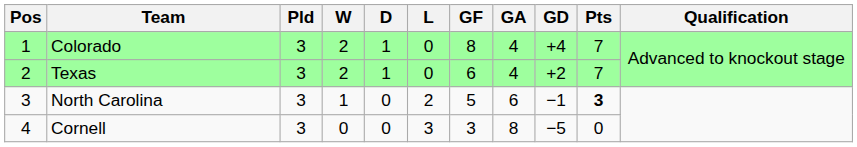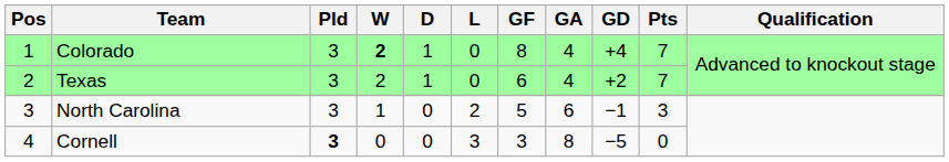 <table class="wikitable" style="text-align:center; margin: 1em auto">
 <tr>
 <th style="width:2em">Pos</th>
 <th style="width:13em">Team</th>
 <th style="width:2em">Pld</th>
 <th style="width:2em">W</th>
 <th style="width:2em">D</th>
 <th style="width:2em">L</th>
 <th style="width:2em">GF</th>
 <th style="width:2em">GA</th>
 <th style="width:2em">GD</th>
 <th style="width:2em">Pts</th>
 <th style="width:13em">Qualification</th>
 </tr>
 <tr bgcolor="#9eff9e">
 <td>1</td>
 <td style="text-align:left">Colorado</td>
 <td>3</td>
-<td>2</td>
+<td><strong>2</strong></td>
 <td>1</td>
 <td>0</td>
 <td>8</td>
 <td>4</td>
 <td>+4</td>
 <td>7</td>
 <td rowspan="2">Advanced to knockout stage</td>
 </tr>
 <tr bgcolor="#9eff9e">
 <td>2</td>
 <td style="text-align:left">Texas</td>
 <td>3</td>
 <td>2</td>
 <td>1</td>
 <td>0</td>
 <td>6</td>
 <td>4</td>
 <td>+2</td>
 <td>7</td>
 </tr>
 <tr>
 <td>3</td>
 <td style="text-align:left">North Carolina</td>
 <td>3</td>
 <td>1</td>
 <td>0</td>
 <td>2</td>
 <td>5</td>
 <td>6</td>
 <td>−1</td>
-<td><strong>3</strong></td>
+<td>3</td>
 </tr>
 <tr>
 <td>4</td>
 <td style="text-align:left">Cornell</td>
-<td>3</td>
+<td><strong>3</strong></td>
 <td>0</td>
 <td>0</td>
 <td>3</td>
 <td>3</td>
 <td>8</td>
 <td>−5</td>
 <td>0</td>
 </tr>
 </table>
